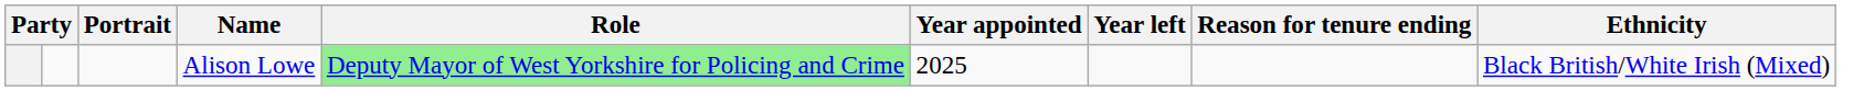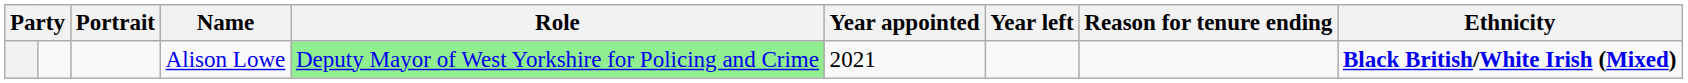 <table class="wikitable sortable">
 <tr>
 <th colspan="2">Party</th>
 <th>Portrait</th>
 <th>Name</th>
 <th>Role</th>
 <th>Year appointed</th>
 <th>Year left</th>
 <th>Reason for tenure ending</th>
 <th>Ethnicity</th>
 </tr>
 <tr>
 <th style="background-color: "></th>
 <td></td>
 <td></td>
 <td><a href='#'>Alison Lowe</a></td>
 <td style="background: lightgreen;"><a href='#'>Deputy Mayor of West Yorkshire for Policing and Crime</a></td>
-<td>2025</td>
+<td>2021</td>
 <td></td>
 <td></td>
-<td><a href='#'>Black British</a>/<a href='#'>White Irish</a> (<a href='#'>Mixed</a>)</td>
+<td><strong><a href='#'>Black British</a>/<a href='#'>White Irish</a> (<a href='#'>Mixed</a>)</strong></td>
 </tr>
 </table>
